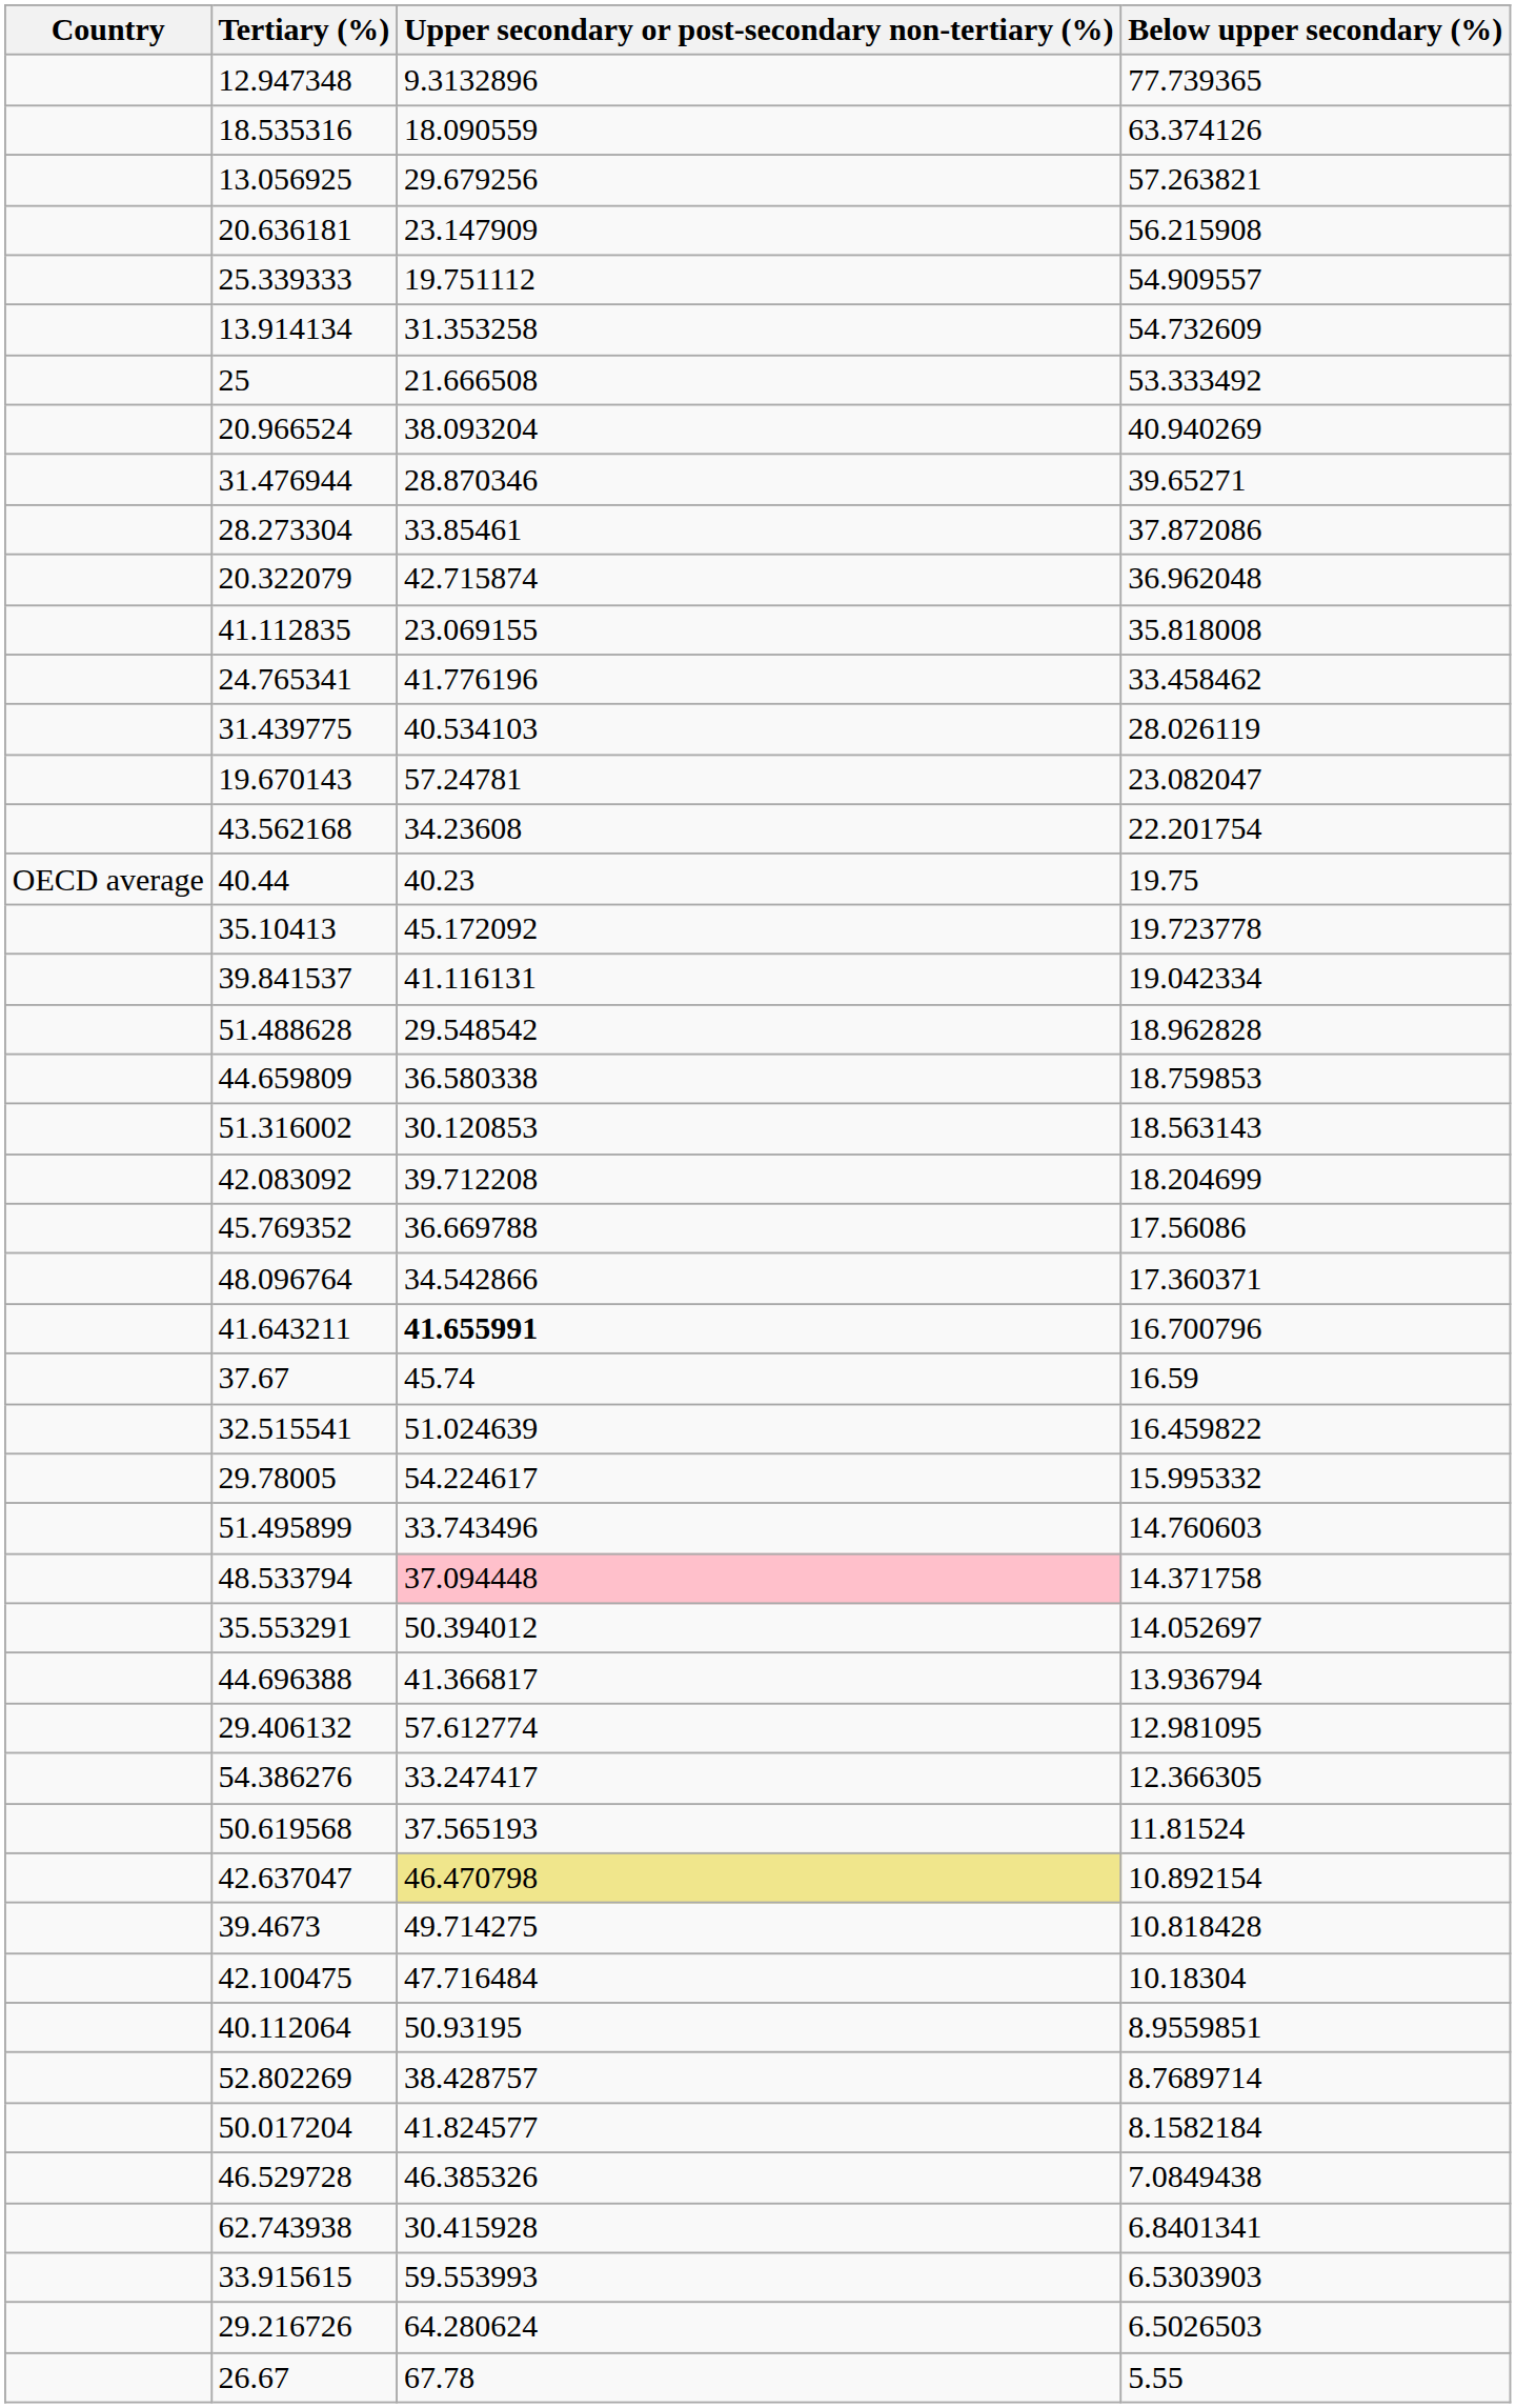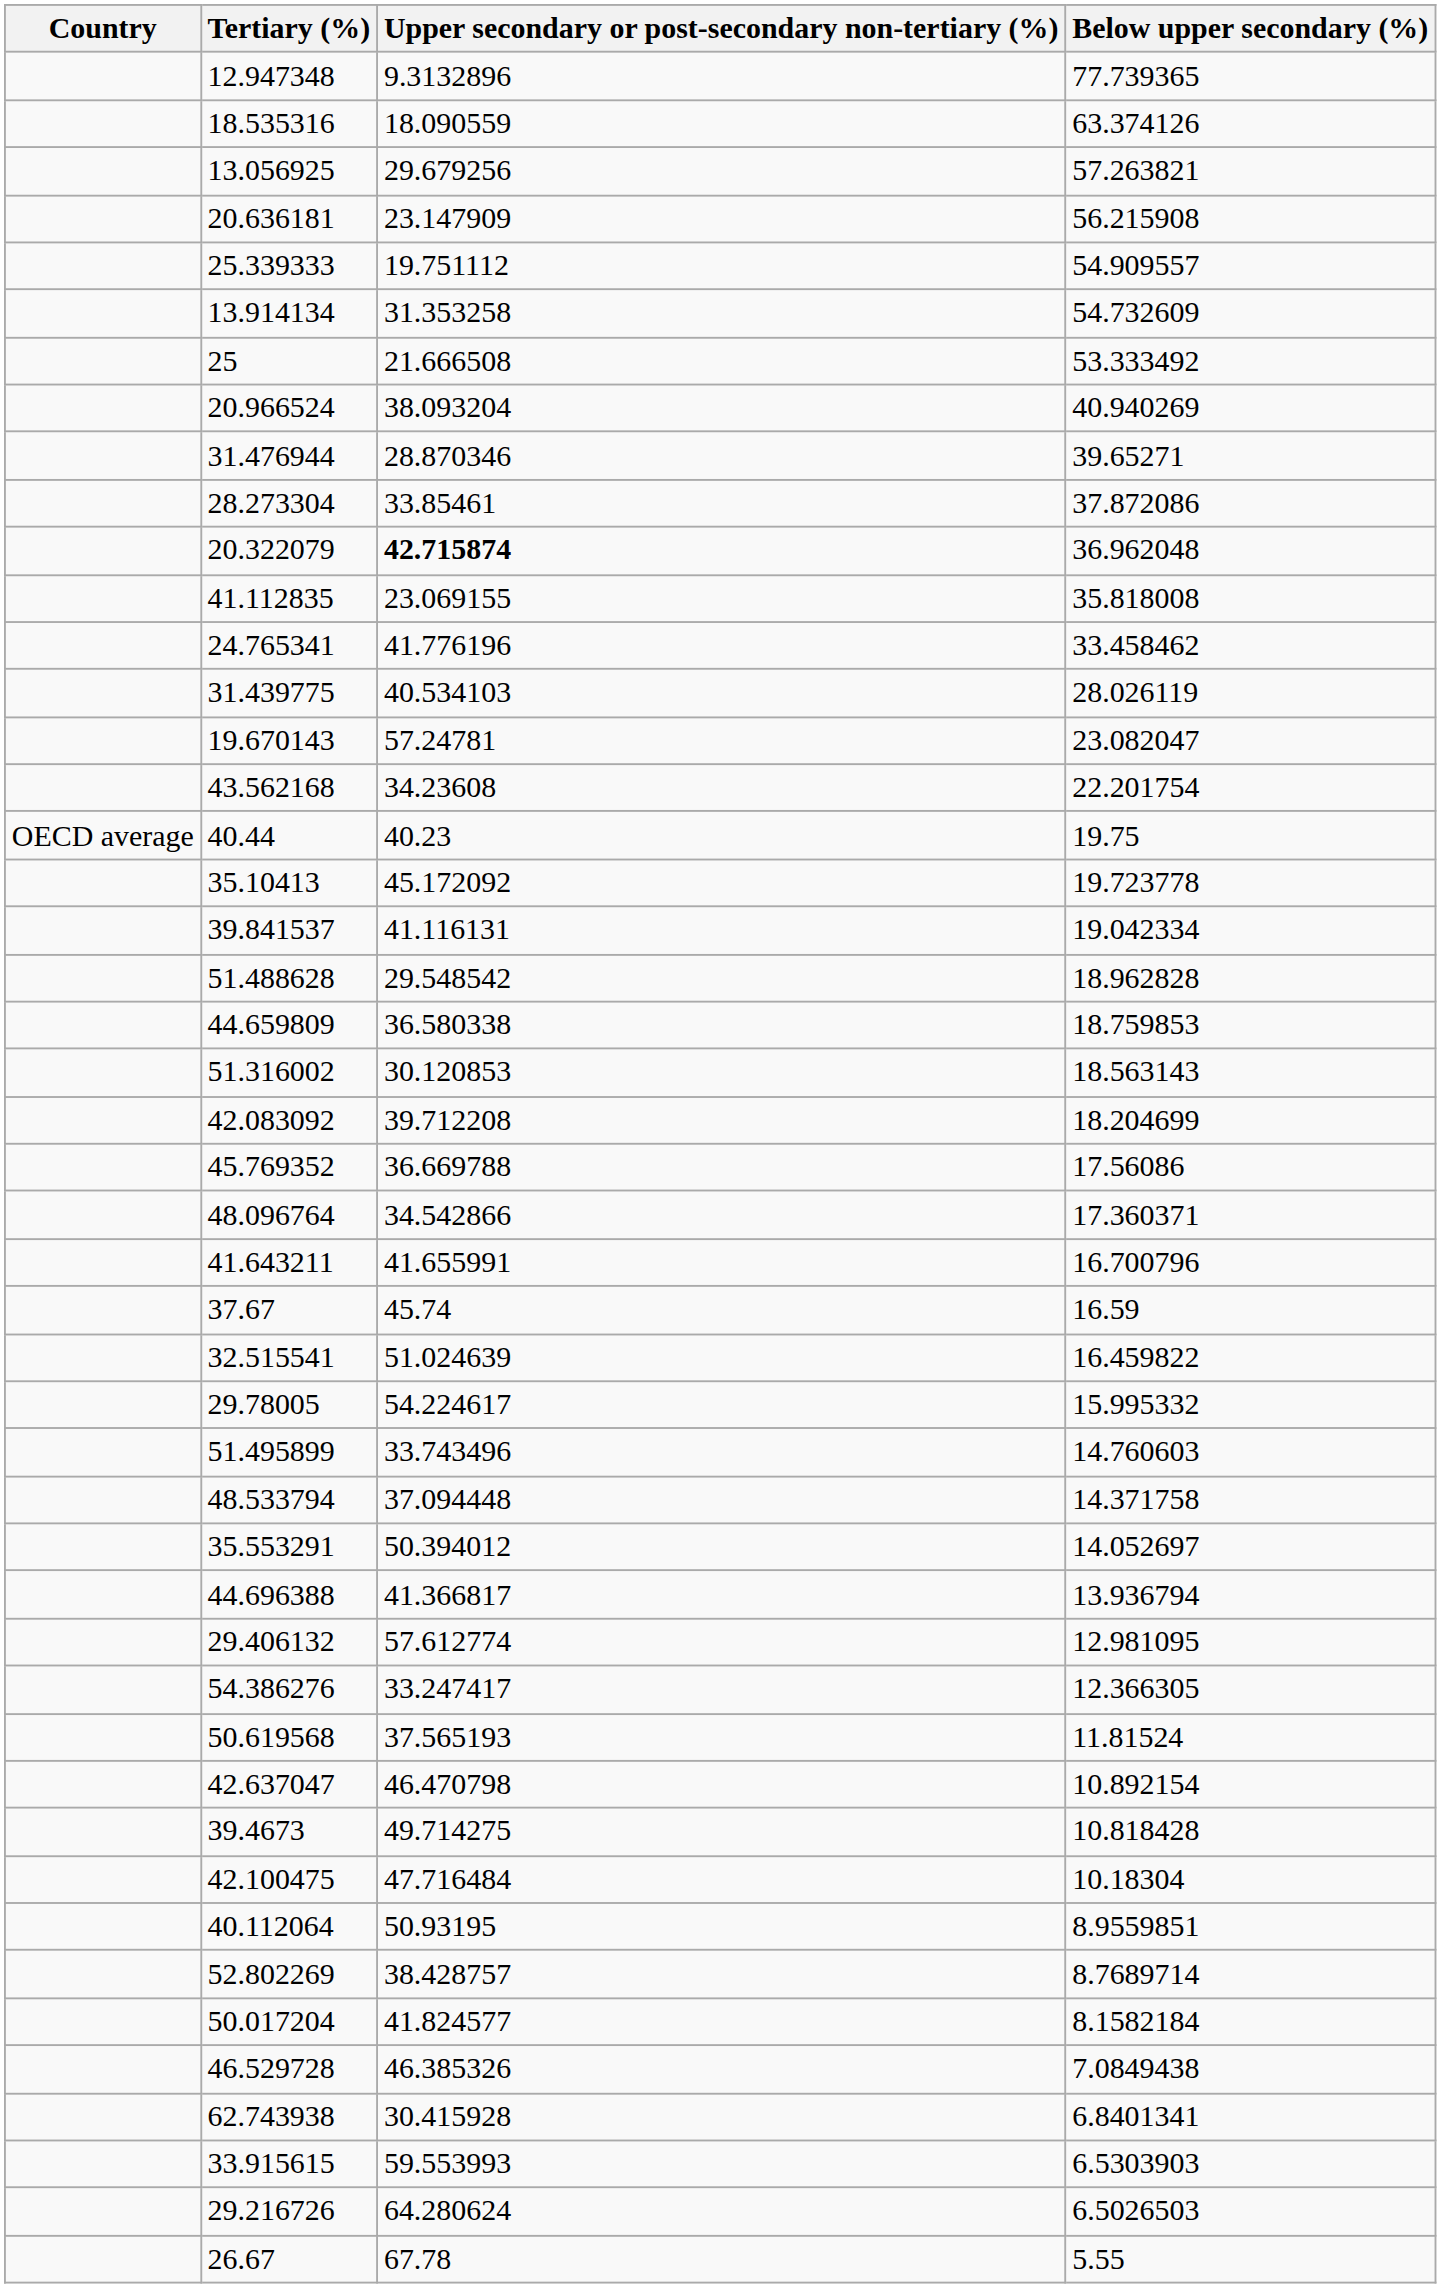 <table class="wikitable sortable">
 <tr>
 <th>Country</th>
 <th><strong>Tertiary</strong> (%)</th>
 <th>Upper secondary or post-secondary non-tertiary (%)</th>
 <th>Below upper secondary (%)</th>
 </tr>
 <tr>
 <td></td>
 <td>12.947348</td>
 <td>9.3132896</td>
 <td>77.739365</td>
 </tr>
 <tr>
 <td></td>
 <td>18.535316</td>
 <td>18.090559</td>
 <td>63.374126</td>
 </tr>
 <tr>
 <td></td>
 <td>13.056925</td>
 <td>29.679256</td>
 <td>57.263821</td>
 </tr>
 <tr>
 <td></td>
 <td>20.636181</td>
 <td>23.147909</td>
 <td>56.215908</td>
 </tr>
 <tr>
 <td></td>
 <td>25.339333</td>
 <td>19.751112</td>
 <td>54.909557</td>
 </tr>
 <tr>
 <td></td>
 <td>13.914134</td>
 <td>31.353258</td>
 <td>54.732609</td>
 </tr>
 <tr>
 <td></td>
 <td>25</td>
 <td>21.666508</td>
 <td>53.333492</td>
 </tr>
 <tr>
 <td></td>
 <td>20.966524</td>
 <td>38.093204</td>
 <td>40.940269</td>
 </tr>
 <tr>
 <td></td>
 <td>31.476944</td>
 <td>28.870346</td>
 <td>39.65271</td>
 </tr>
 <tr>
 <td></td>
 <td>28.273304</td>
 <td>33.85461</td>
 <td>37.872086</td>
 </tr>
 <tr>
 <td></td>
 <td>20.322079</td>
-<td>42.715874</td>
+<td><strong>42.715874</strong></td>
 <td>36.962048</td>
 </tr>
 <tr>
 <td></td>
 <td>41.112835</td>
 <td>23.069155</td>
 <td>35.818008</td>
 </tr>
 <tr>
 <td></td>
 <td>24.765341</td>
 <td>41.776196</td>
 <td>33.458462</td>
 </tr>
 <tr>
 <td></td>
 <td>31.439775</td>
 <td>40.534103</td>
 <td>28.026119</td>
 </tr>
 <tr>
 <td></td>
 <td>19.670143</td>
 <td>57.24781</td>
 <td>23.082047</td>
 </tr>
 <tr>
 <td></td>
 <td>43.562168</td>
 <td>34.23608</td>
 <td>22.201754</td>
 </tr>
 <tr>
 <td>OECD average</td>
 <td>40.44</td>
 <td>40.23</td>
 <td>19.75</td>
 </tr>
 <tr>
 <td></td>
 <td>35.10413</td>
 <td>45.172092</td>
 <td>19.723778</td>
 </tr>
 <tr>
 <td></td>
 <td>39.841537</td>
 <td>41.116131</td>
 <td>19.042334</td>
 </tr>
 <tr>
 <td></td>
 <td>51.488628</td>
 <td>29.548542</td>
 <td>18.962828</td>
 </tr>
 <tr>
 <td></td>
 <td>44.659809</td>
 <td>36.580338</td>
 <td>18.759853</td>
 </tr>
 <tr>
 <td></td>
 <td>51.316002</td>
 <td>30.120853</td>
 <td>18.563143</td>
 </tr>
 <tr>
 <td></td>
 <td>42.083092</td>
 <td>39.712208</td>
 <td>18.204699</td>
 </tr>
 <tr>
 <td></td>
 <td>45.769352</td>
 <td>36.669788</td>
 <td>17.56086</td>
 </tr>
 <tr>
 <td></td>
 <td>48.096764</td>
 <td>34.542866</td>
 <td>17.360371</td>
 </tr>
 <tr>
 <td></td>
 <td>41.643211</td>
-<td><strong>41.655991</strong></td>
+<td>41.655991</td>
 <td>16.700796</td>
 </tr>
 <tr>
 <td></td>
 <td>37.67</td>
 <td>45.74</td>
 <td>16.59</td>
 </tr>
 <tr>
 <td></td>
 <td>32.515541</td>
 <td>51.024639</td>
 <td>16.459822</td>
 </tr>
 <tr>
 <td></td>
 <td>29.78005</td>
 <td>54.224617</td>
 <td>15.995332</td>
 </tr>
 <tr>
 <td></td>
 <td>51.495899</td>
 <td>33.743496</td>
 <td>14.760603</td>
 </tr>
 <tr>
 <td></td>
 <td>48.533794</td>
-<td style="background: pink;">37.094448</td>
+<td>37.094448</td>
 <td>14.371758</td>
 </tr>
 <tr>
 <td></td>
 <td>35.553291</td>
 <td>50.394012</td>
 <td>14.052697</td>
 </tr>
 <tr>
 <td></td>
 <td>44.696388</td>
 <td>41.366817</td>
 <td>13.936794</td>
 </tr>
 <tr>
 <td></td>
 <td>29.406132</td>
 <td>57.612774</td>
 <td>12.981095</td>
 </tr>
 <tr>
 <td></td>
 <td>54.386276</td>
 <td>33.247417</td>
 <td>12.366305</td>
 </tr>
 <tr>
 <td></td>
 <td>50.619568</td>
 <td>37.565193</td>
 <td>11.81524</td>
 </tr>
 <tr>
 <td></td>
 <td>42.637047</td>
-<td style="background: khaki;">46.470798</td>
+<td>46.470798</td>
 <td>10.892154</td>
 </tr>
 <tr>
 <td></td>
 <td>39.4673</td>
 <td>49.714275</td>
 <td>10.818428</td>
 </tr>
 <tr>
 <td></td>
 <td>42.100475</td>
 <td>47.716484</td>
 <td>10.18304</td>
 </tr>
 <tr>
 <td></td>
 <td>40.112064</td>
 <td>50.93195</td>
 <td>8.9559851</td>
 </tr>
 <tr>
 <td></td>
 <td>52.802269</td>
 <td>38.428757</td>
 <td>8.7689714</td>
 </tr>
 <tr>
 <td></td>
 <td>50.017204</td>
 <td>41.824577</td>
 <td>8.1582184</td>
 </tr>
 <tr>
 <td></td>
 <td>46.529728</td>
 <td>46.385326</td>
 <td>7.0849438</td>
 </tr>
 <tr>
 <td></td>
 <td>62.743938</td>
 <td>30.415928</td>
 <td>6.8401341</td>
 </tr>
 <tr>
 <td></td>
 <td>33.915615</td>
 <td>59.553993</td>
 <td>6.5303903</td>
 </tr>
 <tr>
 <td></td>
 <td>29.216726</td>
 <td>64.280624</td>
 <td>6.5026503</td>
 </tr>
 <tr>
 <td></td>
 <td>26.67</td>
 <td>67.78</td>
 <td>5.55</td>
 </tr>
 </table>
